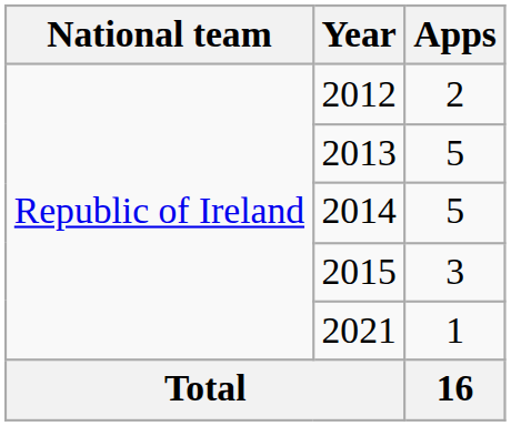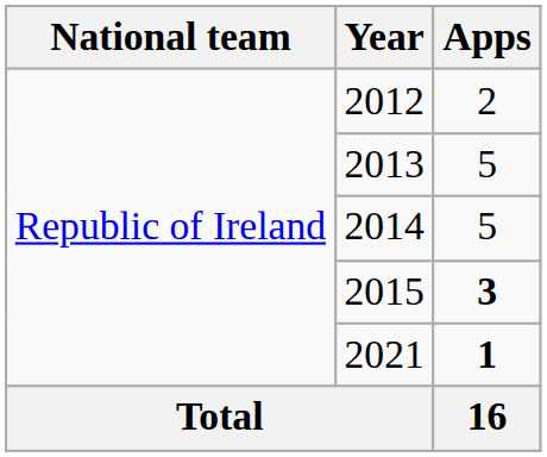 <table class="sortable wikitable" style="text-align:center">
 <tr>
 <th scope="col">National team</th>
 <th scope="col">Year</th>
 <th !scope="col">Apps</th>
 </tr>
 <tr>
 <td rowspan="5"><a href='#'>Republic of Ireland</a></td>
 <td scope="row">2012</td>
 <td>2</td>
 </tr>
 <tr>
 <td scope="row">2013</td>
 <td>5</td>
 </tr>
 <tr>
 <td scope="row">2014</td>
 <td>5</td>
 </tr>
 <tr>
 <td scope="row">2015</td>
-<td>3</td>
+<td><strong>3</strong></td>
 </tr>
 <tr>
 <td scope="row">2021</td>
-<td>1</td>
+<td><strong>1</strong></td>
 </tr>
 <tr>
 <th colspan="2">Total</th>
 <th>16</th>
 </tr>
 </table>
